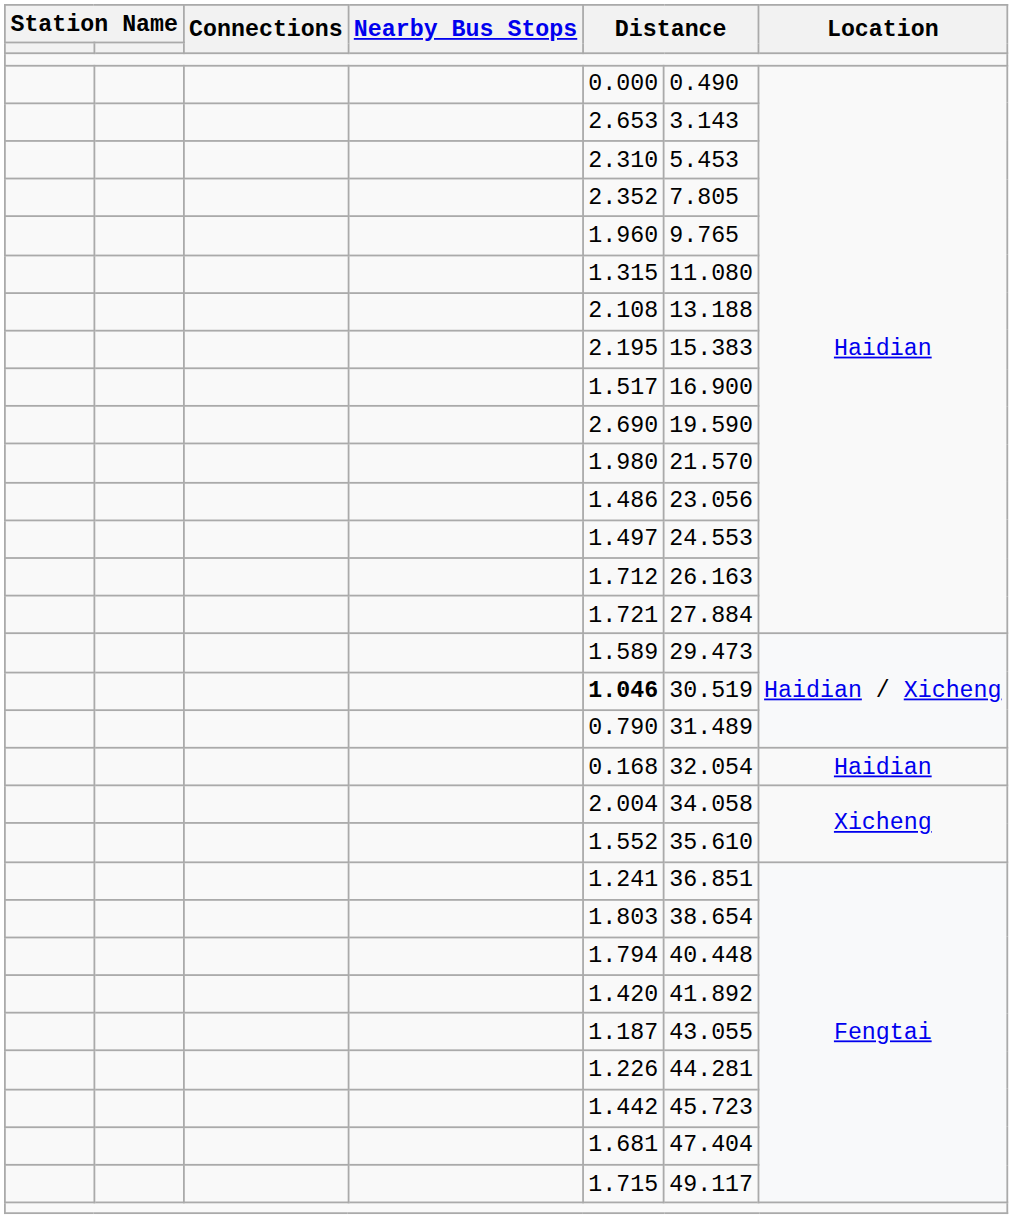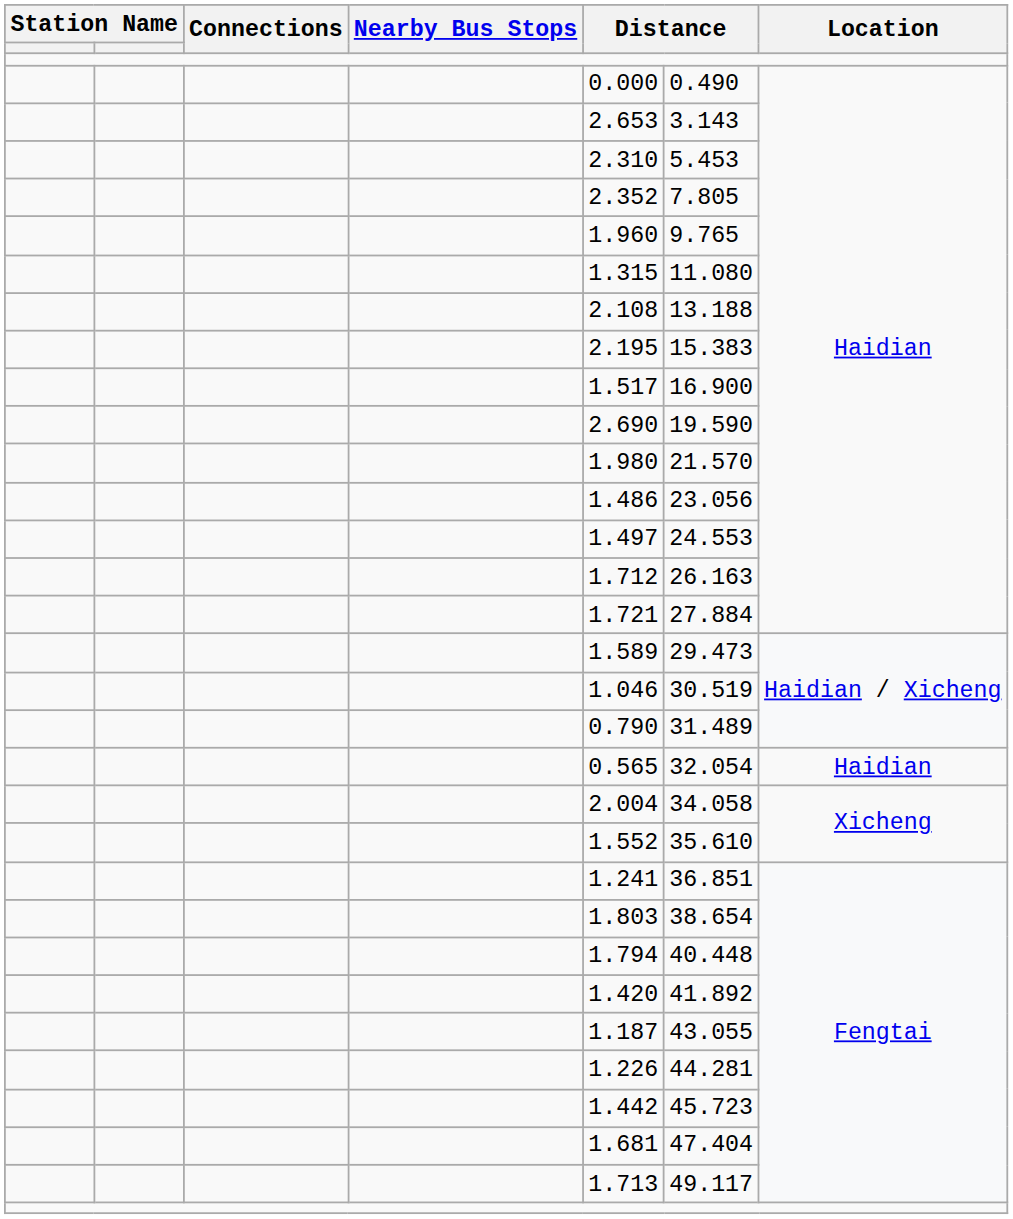 <table class="wikitable">
 <tr>
 <th colspan="2">Station Name</th>
 <th rowspan="2">Connections</th>
 <th rowspan="2"><a href='#'>Nearby Bus Stops</a></th>
 <th colspan="2" rowspan="2">Distance<br></th>
 <th rowspan="2">Location</th>
 </tr>
 <tr>
 <th></th>
 <th></th>
 </tr>
 <tr style="background:#">
 <td colspan = "7"></td>
 </tr>
 <tr>
 <td></td>
 <td></td>
 <td></td>
 <td></td>
 <td>0.000</td>
 <td>0.490</td>
 <td align=center rowspan="15"><a href='#'>Haidian</a></td>
 </tr>
 <tr>
 <td></td>
 <td></td>
 <td></td>
 <td></td>
 <td>2.653</td>
 <td>3.143</td>
 </tr>
 <tr>
 <td></td>
 <td></td>
 <td></td>
 <td></td>
 <td>2.310</td>
 <td>5.453</td>
 </tr>
 <tr>
 <td></td>
 <td></td>
 <td></td>
 <td></td>
 <td>2.352</td>
 <td>7.805</td>
 </tr>
 <tr>
 <td></td>
 <td></td>
 <td></td>
 <td></td>
 <td>1.960</td>
 <td>9.765</td>
 </tr>
 <tr>
 <td></td>
 <td></td>
 <td></td>
 <td></td>
 <td>1.315</td>
 <td>11.080</td>
 </tr>
 <tr>
 <td></td>
 <td></td>
 <td></td>
 <td></td>
 <td>2.108</td>
 <td>13.188</td>
 </tr>
 <tr>
 <td></td>
 <td></td>
 <td></td>
 <td></td>
 <td>2.195</td>
 <td>15.383</td>
 </tr>
 <tr>
 <td></td>
 <td></td>
 <td></td>
 <td></td>
 <td>1.517</td>
 <td>16.900</td>
 </tr>
 <tr>
 <td></td>
 <td></td>
 <td></td>
 <td></td>
 <td>2.690</td>
 <td>19.590</td>
 </tr>
 <tr>
 <td></td>
 <td></td>
 <td></td>
 <td></td>
 <td>1.980</td>
 <td>21.570</td>
 </tr>
 <tr>
 <td></td>
 <td></td>
 <td></td>
 <td></td>
 <td>1.486</td>
 <td>23.056</td>
 </tr>
 <tr>
 <td></td>
 <td></td>
 <td></td>
 <td></td>
 <td>1.497</td>
 <td>24.553</td>
 </tr>
 <tr>
 <td></td>
 <td></td>
 <td></td>
 <td></td>
 <td>1.712</td>
 <td>26.163</td>
 </tr>
 <tr>
 <td></td>
 <td></td>
 <td> </td>
 <td></td>
 <td>1.721</td>
 <td>27.884</td>
 </tr>
 <tr>
 <td></td>
 <td></td>
 <td></td>
 <td></td>
 <td>1.589</td>
 <td>29.473</td>
 <td align=center rowspan="3" bgcolor=#F8F9FA><a href='#'>Haidian</a> / <a href='#'>Xicheng</a></td>
 </tr>
 <tr>
 <td></td>
 <td></td>
 <td></td>
 <td></td>
-<td><strong>1.046</strong></td>
+<td>1.046</td>
 <td>30.519</td>
 </tr>
 <tr>
 <td></td>
 <td></td>
 <td></td>
 <td></td>
 <td>0.790</td>
 <td>31.489</td>
 </tr>
 <tr>
 <td></td>
 <td></td>
 <td></td>
 <td></td>
-<td>0.168</td>
+<td>0.565</td>
 <td>32.054</td>
 <td align=center><a href='#'>Haidian</a></td>
 </tr>
 <tr>
 <td></td>
 <td></td>
 <td></td>
 <td></td>
 <td>2.004</td>
 <td>34.058</td>
 <td align=center rowspan="2"><a href='#'>Xicheng</a></td>
 </tr>
 <tr>
 <td></td>
 <td></td>
 <td></td>
 <td></td>
 <td>1.552</td>
 <td>35.610</td>
 </tr>
 <tr>
 <td></td>
 <td></td>
 <td> </td>
 <td></td>
 <td>1.241</td>
 <td>36.851</td>
 <td align=center rowspan="9" bgcolor=#F8F9FA><a href='#'>Fengtai</a></td>
 </tr>
 <tr>
 <td></td>
 <td></td>
 <td></td>
 <td></td>
 <td>1.803</td>
 <td>38.654</td>
 </tr>
 <tr>
 <td></td>
 <td></td>
 <td> </td>
 <td></td>
 <td>1.794</td>
 <td>40.448</td>
 </tr>
 <tr>
 <td></td>
 <td></td>
 <td></td>
 <td></td>
 <td>1.420</td>
 <td>41.892</td>
 </tr>
 <tr>
 <td></td>
 <td></td>
 <td></td>
 <td></td>
 <td>1.187</td>
 <td>43.055</td>
 </tr>
 <tr>
 <td></td>
 <td></td>
 <td></td>
 <td></td>
 <td>1.226</td>
 <td>44.281</td>
 </tr>
 <tr>
 <td></td>
 <td></td>
 <td></td>
 <td></td>
 <td>1.442</td>
 <td>45.723</td>
 </tr>
 <tr>
 <td></td>
 <td></td>
 <td></td>
 <td></td>
 <td>1.681</td>
 <td>47.404</td>
 </tr>
 <tr>
 <td></td>
 <td></td>
 <td></td>
 <td></td>
-<td>1.715</td>
+<td>1.713</td>
 <td>49.117</td>
 </tr>
 <tr style="background:#">
 <td colspan = "7"></td>
 </tr>
 </table>
